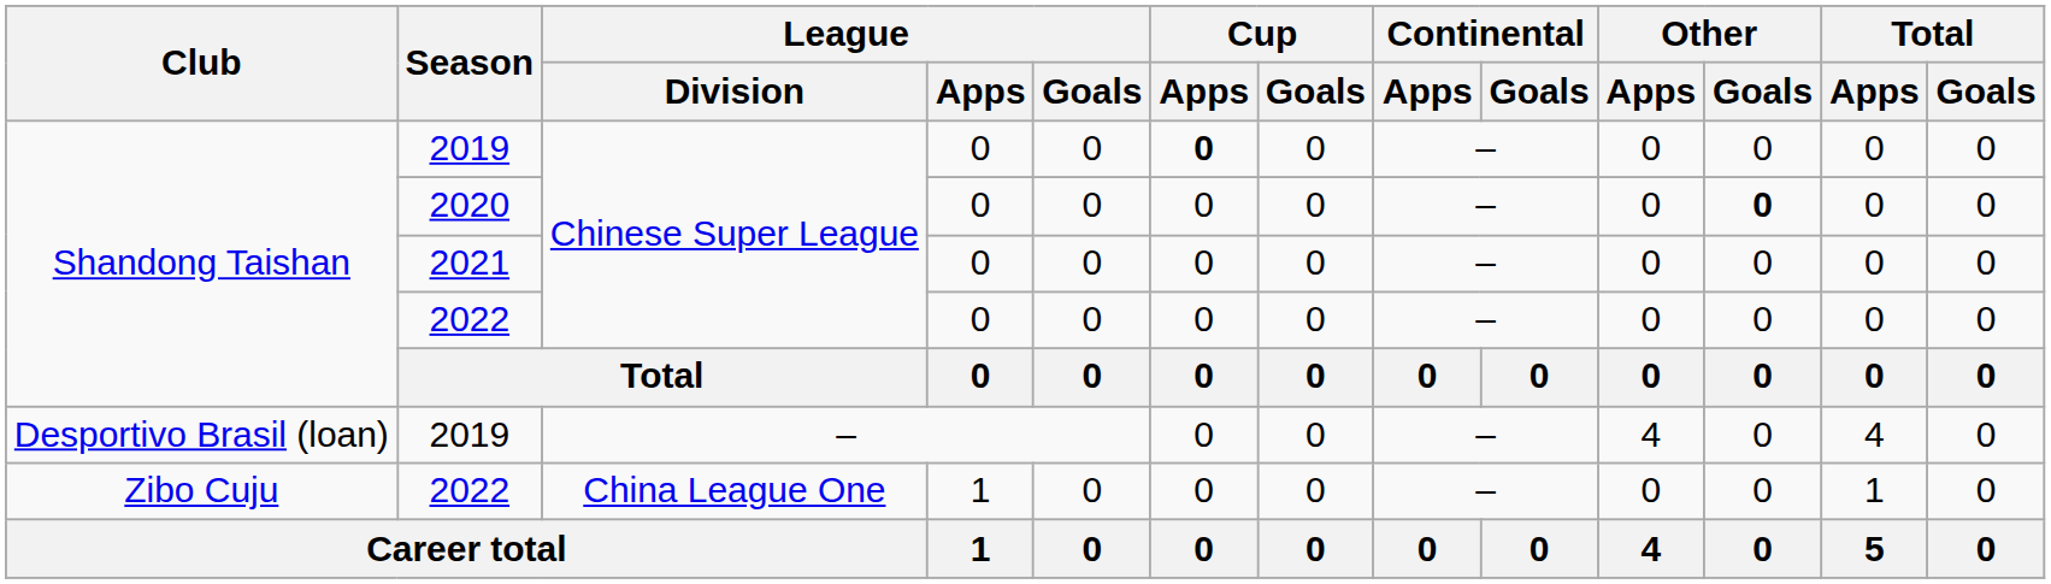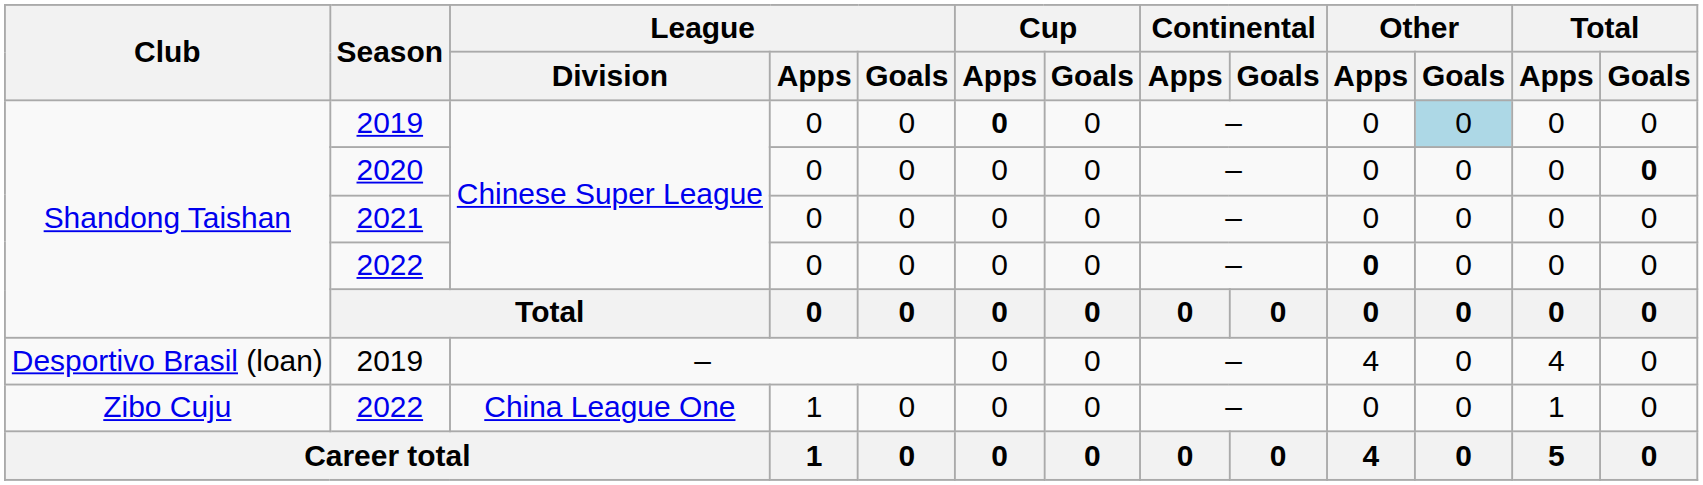 <table class="wikitable" style="text-align: center">
 <tr>
 <th rowspan="2">Club</th>
 <th rowspan="2">Season</th>
 <th colspan="3">League</th>
 <th colspan="2">Cup</th>
 <th colspan="2">Continental</th>
 <th colspan="2">Other</th>
 <th colspan="2">Total</th>
 </tr>
 <tr>
 <th>Division</th>
 <th>Apps</th>
 <th>Goals</th>
 <th>Apps</th>
 <th>Goals</th>
 <th>Apps</th>
 <th>Goals</th>
 <th>Apps</th>
 <th>Goals</th>
 <th>Apps</th>
 <th>Goals</th>
 </tr>
 <tr>
 <td rowspan="5"><a href='#'>Shandong Taishan</a></td>
 <td><a href='#'>2019</a></td>
 <td rowspan="4"><a href='#'>Chinese Super League</a></td>
 <td>0</td>
 <td>0</td>
 <td><strong>0</strong></td>
 <td>0</td>
 <td colspan="2">–</td>
 <td>0</td>
-<td>0</td>
+<td style="background: lightblue;">0</td>
 <td>0</td>
 <td>0</td>
 </tr>
 <tr>
 <td><a href='#'>2020</a></td>
 <td>0</td>
 <td>0</td>
 <td>0</td>
 <td>0</td>
 <td colspan="2">–</td>
 <td>0</td>
-<td><strong>0</strong></td>
 <td>0</td>
 <td>0</td>
+<td><strong>0</strong></td>
 </tr>
 <tr>
 <td><a href='#'>2021</a></td>
 <td>0</td>
 <td>0</td>
 <td>0</td>
 <td>0</td>
 <td colspan="2">–</td>
 <td>0</td>
 <td>0</td>
 <td>0</td>
 <td>0</td>
 </tr>
 <tr>
 <td><a href='#'>2022</a></td>
 <td>0</td>
 <td>0</td>
 <td>0</td>
 <td>0</td>
 <td colspan="2">–</td>
-<td>0</td>
+<td><strong>0</strong></td>
 <td>0</td>
 <td>0</td>
 <td>0</td>
 </tr>
 <tr>
 <th colspan=2>Total</th>
 <th>0</th>
 <th>0</th>
 <th>0</th>
 <th>0</th>
 <th>0</th>
 <th>0</th>
 <th>0</th>
 <th>0</th>
 <th>0</th>
 <th>0</th>
 </tr>
 <tr>
 <td><a href='#'>Desportivo Brasil</a> (loan)</td>
 <td>2019</td>
 <td colspan="3">–</td>
 <td>0</td>
 <td>0</td>
 <td colspan="2">–</td>
 <td>4</td>
 <td>0</td>
 <td>4</td>
 <td>0</td>
 </tr>
 <tr>
 <td><a href='#'>Zibo Cuju</a></td>
 <td><a href='#'>2022</a></td>
 <td><a href='#'>China League One</a></td>
 <td>1</td>
 <td>0</td>
 <td>0</td>
 <td>0</td>
 <td colspan="2">–</td>
 <td>0</td>
 <td>0</td>
 <td>1</td>
 <td>0</td>
 </tr>
 <tr>
 <th colspan=3>Career total</th>
 <th>1</th>
 <th>0</th>
 <th>0</th>
 <th>0</th>
 <th>0</th>
 <th>0</th>
 <th>4</th>
 <th>0</th>
 <th>5</th>
 <th>0</th>
 </tr>
 </table>
